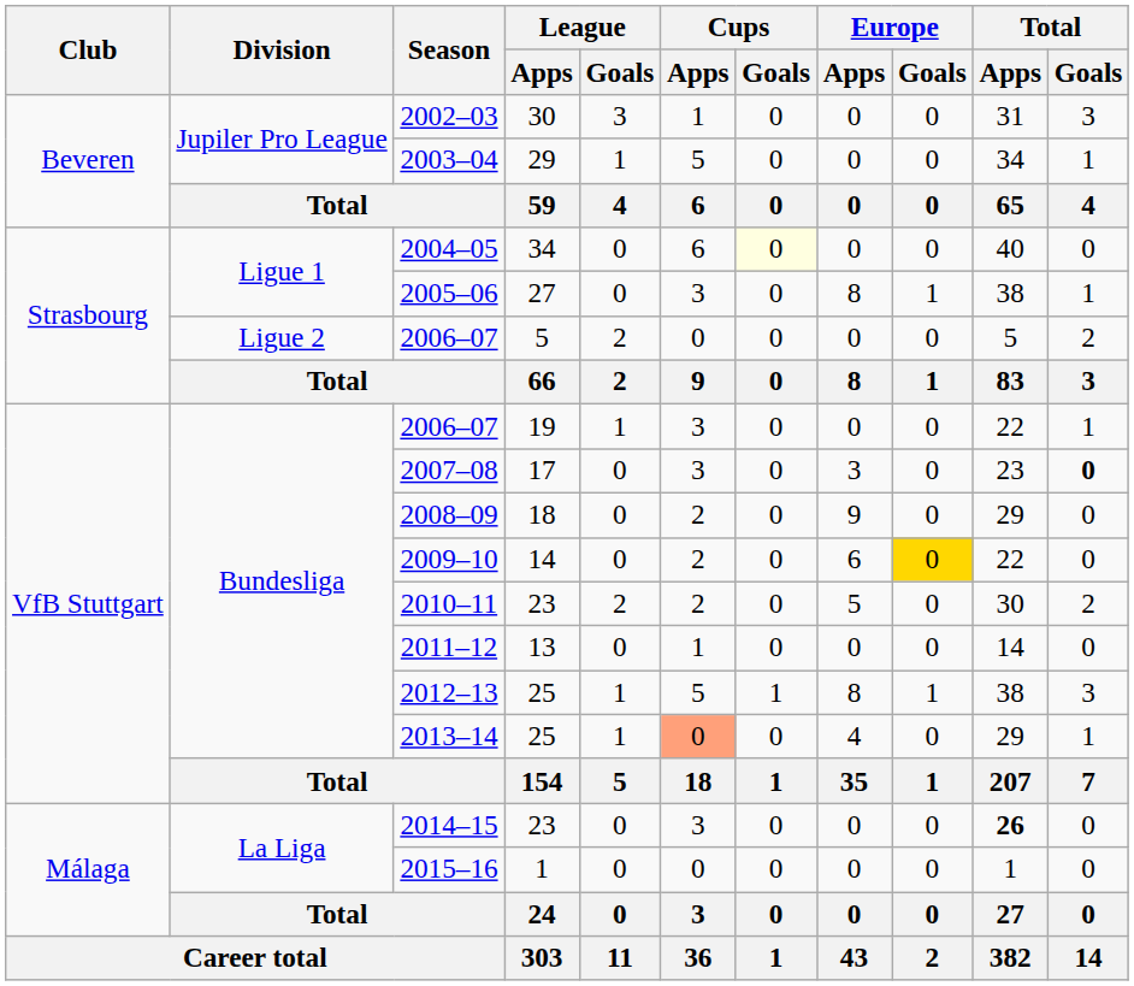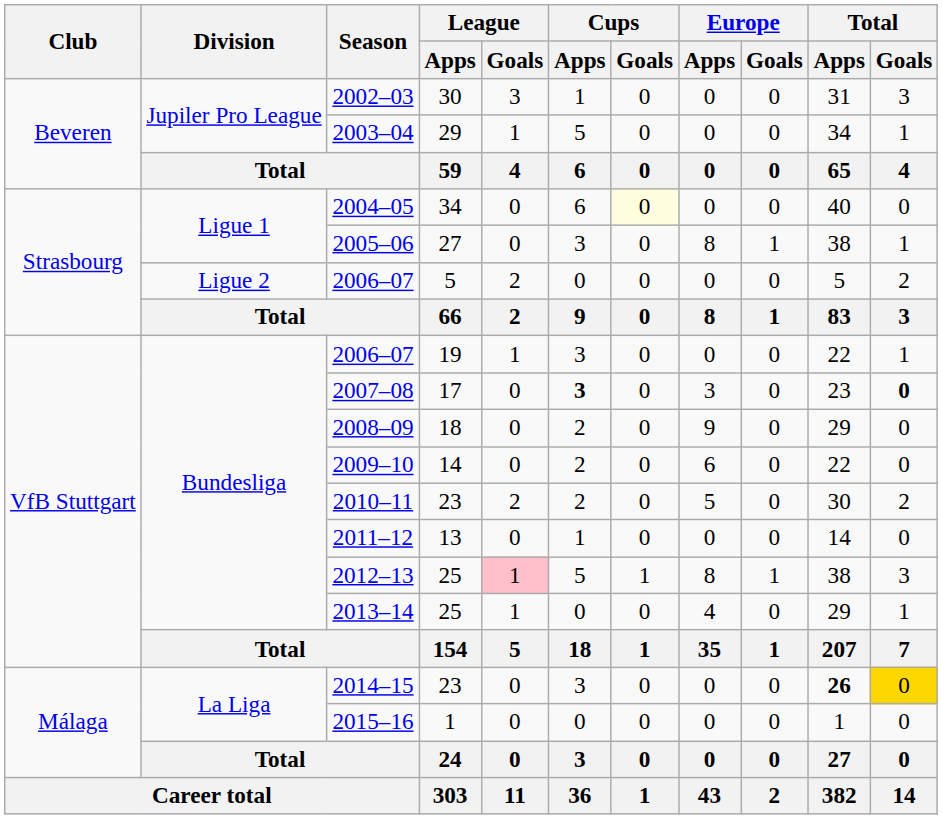 <table class="wikitable" style="text-align: center">
 <tr>
 <th rowspan="2">Club</th>
 <th rowspan="2">Division</th>
 <th rowspan="2">Season</th>
 <th colspan="2">League</th>
 <th colspan="2">Cups</th>
 <th colspan="2"><a href='#'>Europe</a></th>
 <th colspan="2">Total</th>
 </tr>
 <tr>
 <th>Apps</th>
 <th>Goals</th>
 <th>Apps</th>
 <th>Goals</th>
 <th>Apps</th>
 <th>Goals</th>
 <th>Apps</th>
 <th>Goals</th>
 </tr>
 <tr>
 <td rowspan="3"><a href='#'>Beveren</a></td>
 <td rowspan="2"><a href='#'>Jupiler Pro League</a></td>
 <td><a href='#'>2002–03</a></td>
 <td>30</td>
 <td>3</td>
 <td>1</td>
 <td>0</td>
 <td>0</td>
 <td>0</td>
 <td>31</td>
 <td>3</td>
 </tr>
 <tr>
 <td><a href='#'>2003–04</a></td>
 <td>29</td>
 <td>1</td>
 <td>5</td>
 <td>0</td>
 <td>0</td>
 <td>0</td>
 <td>34</td>
 <td>1</td>
 </tr>
 <tr>
 <th colspan="2">Total</th>
 <th>59</th>
 <th>4</th>
 <th>6</th>
 <th>0</th>
 <th>0</th>
 <th>0</th>
 <th>65</th>
 <th>4</th>
 </tr>
 <tr>
 <td rowspan="4"><a href='#'>Strasbourg</a></td>
 <td rowspan="2"><a href='#'>Ligue 1</a></td>
 <td><a href='#'>2004–05</a></td>
 <td>34</td>
 <td>0</td>
 <td>6</td>
 <td style="background: lightyellow;">0</td>
 <td>0</td>
 <td>0</td>
 <td>40</td>
 <td>0</td>
 </tr>
 <tr>
 <td><a href='#'>2005–06</a></td>
 <td>27</td>
 <td>0</td>
 <td>3</td>
 <td>0</td>
 <td>8</td>
 <td>1</td>
 <td>38</td>
 <td>1</td>
 </tr>
 <tr>
 <td><a href='#'>Ligue 2</a></td>
 <td><a href='#'>2006–07</a></td>
 <td>5</td>
 <td>2</td>
 <td>0</td>
 <td>0</td>
 <td>0</td>
 <td>0</td>
 <td>5</td>
 <td>2</td>
 </tr>
 <tr>
 <th colspan="2">Total</th>
 <th>66</th>
 <th>2</th>
 <th>9</th>
 <th>0</th>
 <th>8</th>
 <th>1</th>
 <th>83</th>
 <th>3</th>
 </tr>
 <tr>
 <td rowspan="9"><a href='#'>VfB Stuttgart</a></td>
 <td rowspan="8"><a href='#'>Bundesliga</a></td>
 <td><a href='#'>2006–07</a></td>
 <td>19</td>
 <td>1</td>
 <td>3</td>
 <td>0</td>
 <td>0</td>
 <td>0</td>
 <td>22</td>
 <td>1</td>
 </tr>
 <tr>
 <td><a href='#'>2007–08</a></td>
 <td>17</td>
 <td>0</td>
-<td>3</td>
+<td><strong>3</strong></td>
 <td>0</td>
 <td>3</td>
 <td>0</td>
 <td>23</td>
 <td><strong>0</strong></td>
 </tr>
 <tr>
 <td><a href='#'>2008–09</a></td>
 <td>18</td>
 <td>0</td>
 <td>2</td>
 <td>0</td>
 <td>9</td>
 <td>0</td>
 <td>29</td>
 <td>0</td>
 </tr>
 <tr>
 <td><a href='#'>2009–10</a></td>
 <td>14</td>
 <td>0</td>
 <td>2</td>
 <td>0</td>
 <td>6</td>
-<td style="background: gold;">0</td>
+<td>0</td>
 <td>22</td>
 <td>0</td>
 </tr>
 <tr>
 <td><a href='#'>2010–11</a></td>
 <td>23</td>
 <td>2</td>
 <td>2</td>
 <td>0</td>
 <td>5</td>
 <td>0</td>
 <td>30</td>
 <td>2</td>
 </tr>
 <tr>
 <td><a href='#'>2011–12</a></td>
 <td>13</td>
 <td>0</td>
 <td>1</td>
 <td>0</td>
 <td>0</td>
 <td>0</td>
 <td>14</td>
 <td>0</td>
 </tr>
 <tr>
 <td><a href='#'>2012–13</a></td>
 <td>25</td>
-<td>1</td>
+<td style="background: pink;">1</td>
 <td>5</td>
 <td>1</td>
 <td>8</td>
 <td>1</td>
 <td>38</td>
 <td>3</td>
 </tr>
 <tr>
 <td><a href='#'>2013–14</a></td>
 <td>25</td>
 <td>1</td>
-<td style="background: lightsalmon;">0</td>
+<td>0</td>
 <td>0</td>
 <td>4</td>
 <td>0</td>
 <td>29</td>
 <td>1</td>
 </tr>
 <tr>
 <th colspan="2">Total</th>
 <th>154</th>
 <th>5</th>
 <th>18</th>
 <th>1</th>
 <th>35</th>
 <th>1</th>
 <th>207</th>
 <th>7</th>
 </tr>
 <tr>
 <td rowspan="3"><a href='#'>Málaga</a></td>
 <td rowspan="2"><a href='#'>La Liga</a></td>
 <td><a href='#'>2014–15</a></td>
 <td>23</td>
 <td>0</td>
 <td>3</td>
 <td>0</td>
 <td>0</td>
 <td>0</td>
 <td><strong>26</strong></td>
-<td>0</td>
+<td style="background: gold;">0</td>
 </tr>
 <tr>
 <td><a href='#'>2015–16</a></td>
 <td>1</td>
 <td>0</td>
 <td>0</td>
 <td>0</td>
 <td>0</td>
 <td>0</td>
 <td>1</td>
 <td>0</td>
 </tr>
 <tr>
 <th colspan="2">Total</th>
 <th>24</th>
 <th>0</th>
 <th>3</th>
 <th>0</th>
 <th>0</th>
 <th>0</th>
 <th>27</th>
 <th>0</th>
 </tr>
 <tr>
 <th colspan="3">Career total</th>
 <th>303</th>
 <th>11</th>
 <th>36</th>
 <th>1</th>
 <th>43</th>
 <th>2</th>
 <th>382</th>
 <th>14</th>
 </tr>
 </table>
